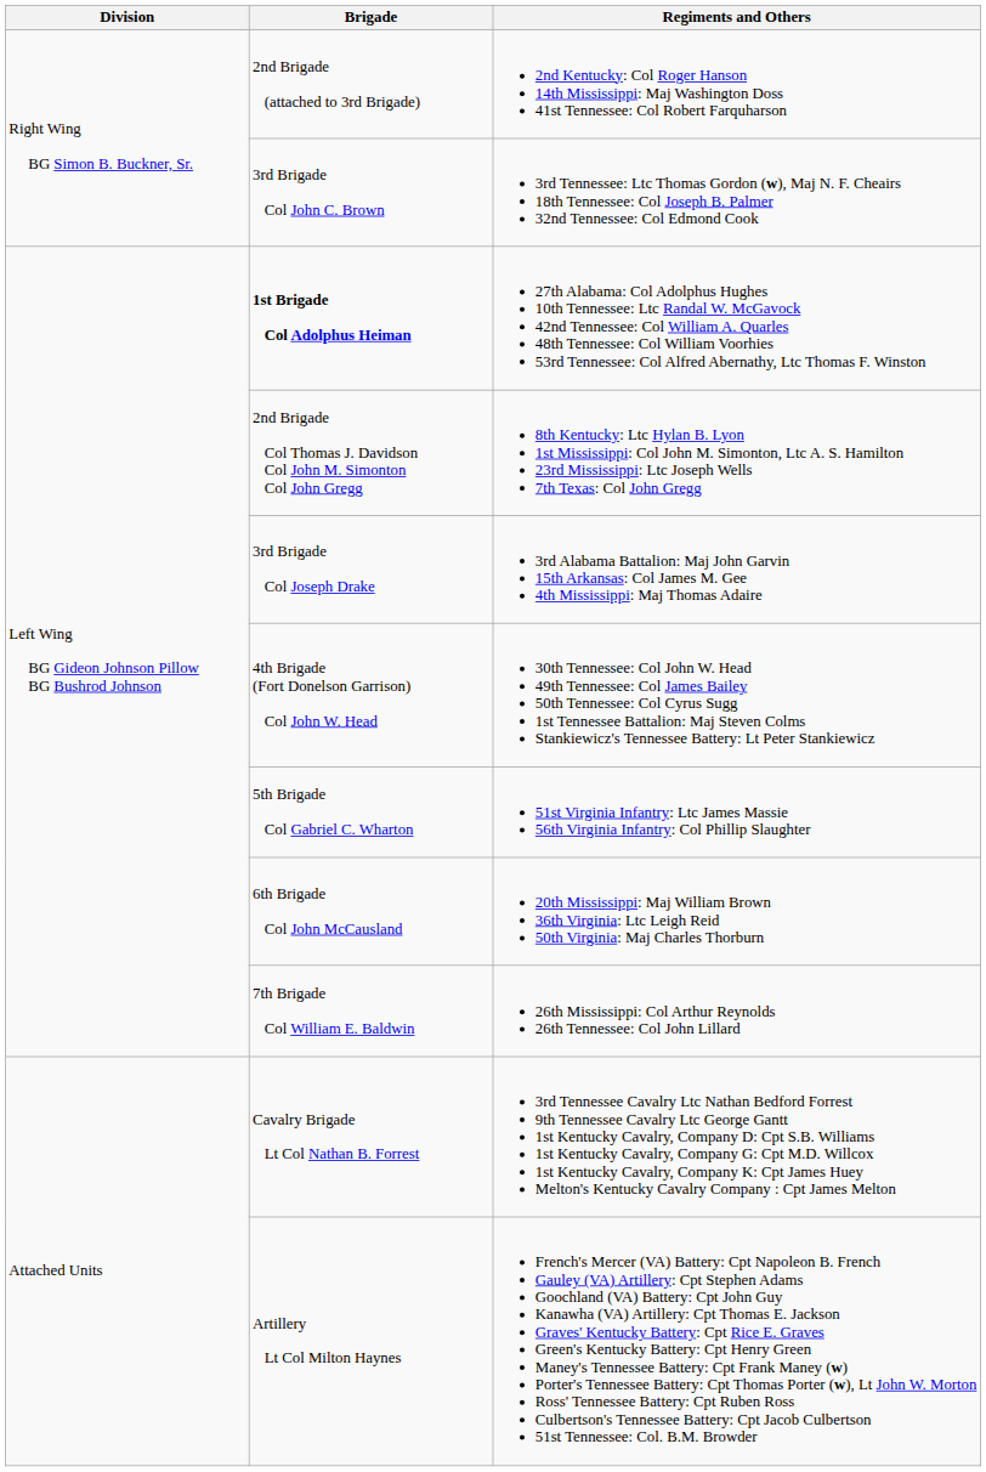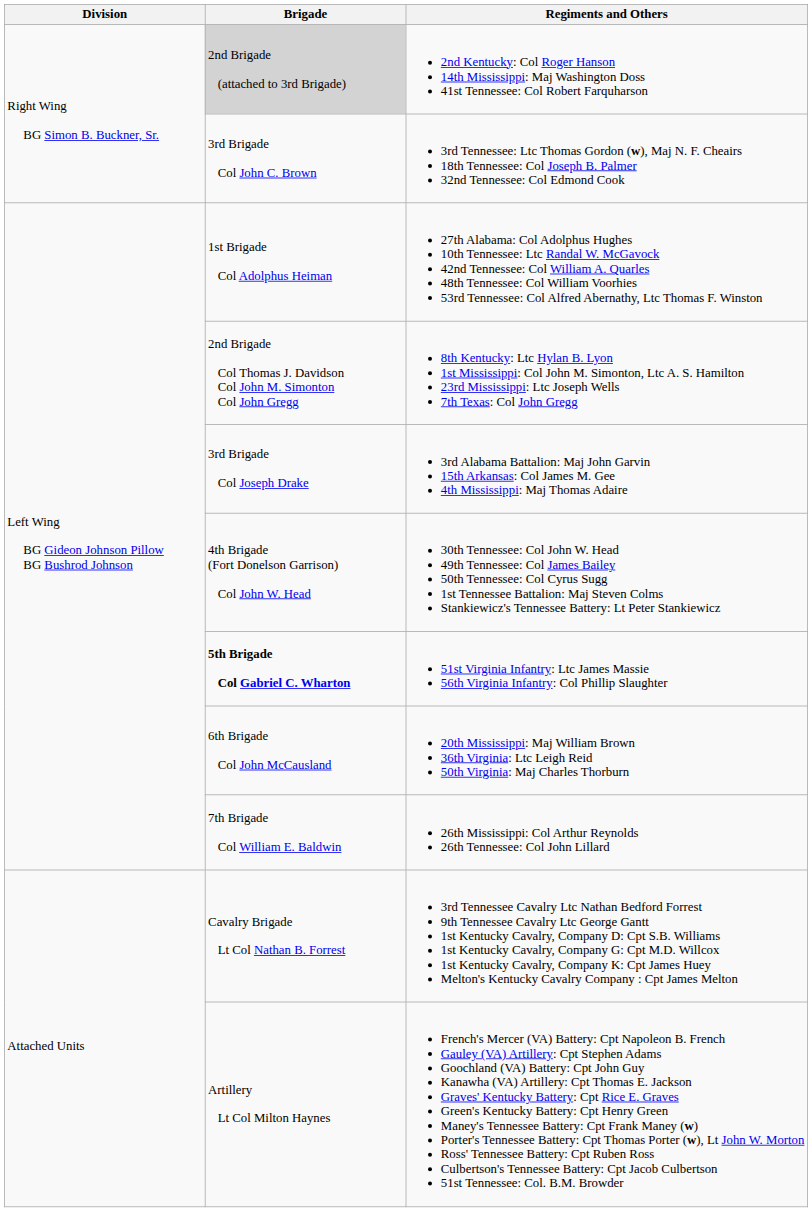 <table class="wikitable">
 <tr>
 <th width=25%>Division</th>
 <th width=25%>Brigade</th>
 <th>Regiments and Others</th>
 </tr>
 <tr>
 <td rowspan=2><br>Right Wing<br><br>     BG <a href='#'>Simon B. Buckner, Sr.</a></td>
-<td>2nd Brigade<br><br>   (attached to 3rd Brigade)</td>
+<td style="background: lightgrey;">2nd Brigade<br><br>   (attached to 3rd Brigade)</td>
 <td><br><ul><li><a href='#'>2nd Kentucky</a>: Col <a href='#'>Roger Hanson</a></li><li><a href='#'>14th Mississippi</a>: Maj Washington Doss</li><li>41st Tennessee: Col Robert Farquharson</li></ul></td>
 </tr>
 <tr>
 <td>3rd Brigade<br><br>   Col <a href='#'>John C. Brown</a></td>
 <td><br><ul><li>3rd Tennessee: Ltc Thomas Gordon (<strong>w</strong>), Maj N. F. Cheairs</li><li>18th Tennessee: Col <a href='#'>Joseph B. Palmer</a></li><li>32nd Tennessee: Col Edmond Cook</li></ul></td>
 </tr>
 <tr>
 <td rowspan=7><br>Left Wing<br><br>     BG <a href='#'>Gideon Johnson Pillow</a><br>     BG <a href='#'>Bushrod Johnson</a></td>
-<td><strong>1st Brigade<br><br>   Col <a href='#'>Adolphus Heiman</a></strong></td>
+<td>1st Brigade<br><br>   Col <a href='#'>Adolphus Heiman</a></td>
 <td><br><ul><li>27th Alabama: Col Adolphus Hughes</li><li>10th Tennessee: Ltc <a href='#'>Randal W. McGavock</a></li><li>42nd Tennessee: Col <a href='#'>William A. Quarles</a></li><li>48th Tennessee: Col William Voorhies</li><li>53rd Tennessee: Col Alfred Abernathy, Ltc Thomas F. Winston</li></ul></td>
 </tr>
 <tr>
 <td>2nd Brigade<br><br>   Col Thomas J. Davidson<br>   Col <a href='#'>John M. Simonton</a><br>   Col <a href='#'>John Gregg</a></td>
 <td><br><ul><li><a href='#'>8th Kentucky</a>: Ltc <a href='#'>Hylan B. Lyon</a></li><li><a href='#'>1st Mississippi</a>: Col John M. Simonton, Ltc A. S. Hamilton</li><li><a href='#'>23rd Mississippi</a>: Ltc Joseph Wells</li><li><a href='#'>7th Texas</a>: Col <a href='#'>John Gregg</a></li></ul></td>
 </tr>
 <tr>
 <td>3rd Brigade<br><br>   Col <a href='#'>Joseph Drake</a></td>
 <td><br><ul><li>3rd Alabama Battalion: Maj John Garvin</li><li><a href='#'>15th Arkansas</a>: Col James M. Gee</li><li><a href='#'>4th Mississippi</a>: Maj Thomas Adaire</li></ul></td>
 </tr>
 <tr>
 <td>4th Brigade<br>(Fort Donelson Garrison)<br><br>   Col <a href='#'>John W. Head</a></td>
 <td><br><ul><li>30th Tennessee: Col John W. Head</li><li>49th Tennessee: Col <a href='#'>James Bailey</a></li><li>50th Tennessee: Col Cyrus Sugg</li><li>1st Tennessee Battalion: Maj Steven Colms</li><li>Stankiewicz's Tennessee Battery: Lt Peter Stankiewicz</li></ul></td>
 </tr>
 <tr>
-<td>5th Brigade<br><br>   Col <a href='#'>Gabriel C. Wharton</a></td>
+<td><strong>5th Brigade<br><br>   Col <a href='#'>Gabriel C. Wharton</a></strong></td>
 <td><br><ul><li><a href='#'>51st Virginia Infantry</a>: Ltc James Massie</li><li><a href='#'>56th Virginia Infantry</a>: Col Phillip Slaughter</li></ul></td>
 </tr>
 <tr>
 <td>6th Brigade<br><br>   Col <a href='#'>John McCausland</a></td>
 <td><br><ul><li><a href='#'>20th Mississippi</a>: Maj William Brown</li><li><a href='#'>36th Virginia</a>: Ltc Leigh Reid</li><li><a href='#'>50th Virginia</a>: Maj Charles Thorburn</li></ul></td>
 </tr>
 <tr>
 <td>7th Brigade<br><br>   Col <a href='#'>William E. Baldwin</a></td>
 <td><br><ul><li>26th Mississippi: Col Arthur Reynolds</li><li>26th Tennessee: Col John Lillard</li></ul></td>
 </tr>
 <tr>
 <td rowspan=2><br>Attached Units</td>
 <td>Cavalry Brigade<br><br>   Lt Col <a href='#'>Nathan B. Forrest</a></td>
 <td><br><ul><li>3rd Tennessee Cavalry Ltc Nathan Bedford Forrest</li><li>9th Tennessee Cavalry Ltc George Gantt</li><li>1st Kentucky Cavalry, Company D: Cpt S.B. Williams</li><li>1st Kentucky Cavalry, Company G: Cpt M.D. Willcox</li><li>1st Kentucky Cavalry, Company K: Cpt James Huey</li><li>Melton's Kentucky Cavalry Company : Cpt James Melton</li></ul></td>
 </tr>
 <tr>
 <td>Artillery<br><br>   Lt Col Milton Haynes</td>
 <td><br><ul><li>French's Mercer (VA) Battery: Cpt Napoleon B. French</li><li><a href='#'>Gauley (VA) Artillery</a>: Cpt Stephen Adams</li><li>Goochland (VA) Battery: Cpt John Guy</li><li>Kanawha (VA) Artillery: Cpt Thomas E. Jackson</li><li><a href='#'>Graves' Kentucky Battery</a>: Cpt <a href='#'>Rice E. Graves</a></li><li>Green's Kentucky Battery: Cpt Henry Green</li><li>Maney's Tennessee Battery: Cpt Frank Maney (<strong>w</strong>)</li><li>Porter's Tennessee Battery: Cpt Thomas Porter (<strong>w</strong>), Lt <a href='#'>John W. Morton</a></li><li>Ross' Tennessee Battery: Cpt Ruben Ross</li><li>Culbertson's Tennessee Battery: Cpt Jacob Culbertson</li><li>51st Tennessee: Col. B.M. Browder</li></ul></td>
 </tr>
 </table>
